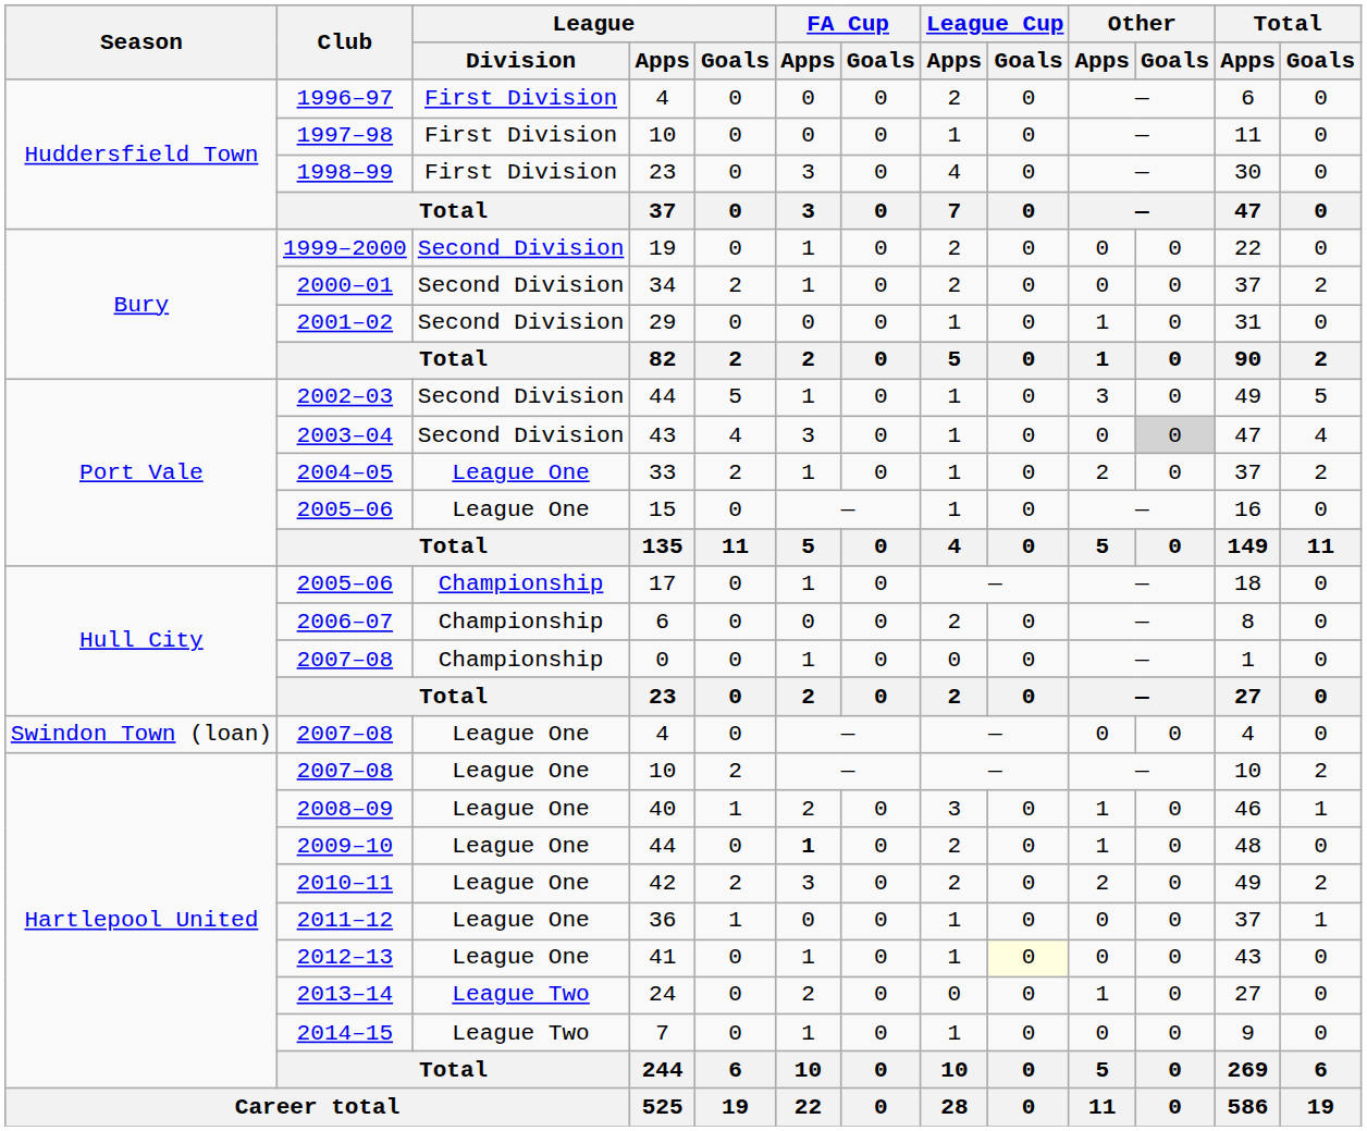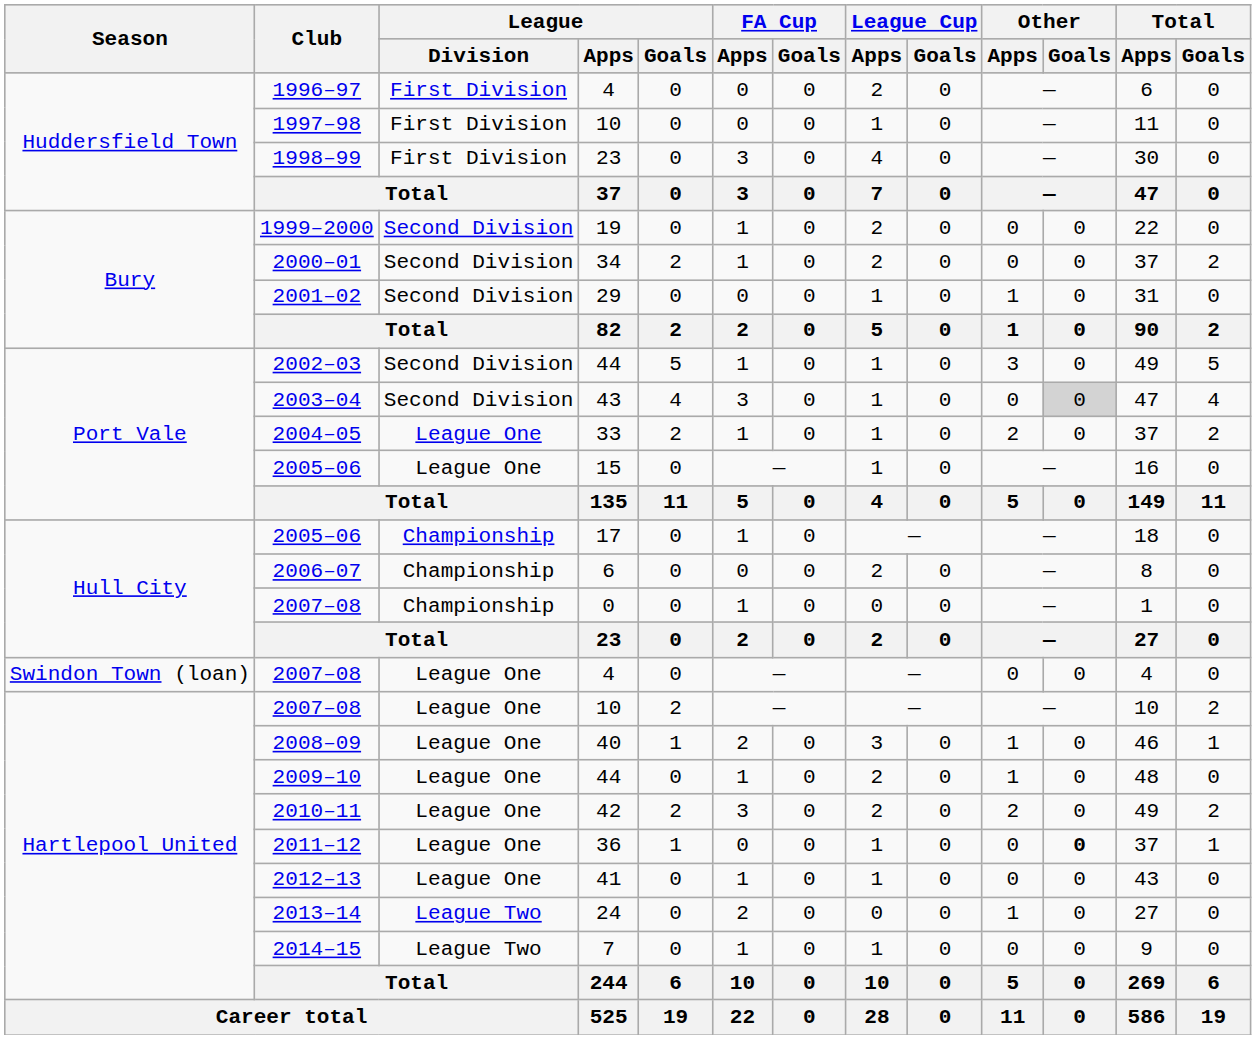 <table class="wikitable" style="text-align: center;">
 <tr>
 <th rowspan=2>Season</th>
 <th rowspan=2>Club</th>
 <th colspan=3>League</th>
 <th colspan=2><a href='#'>FA Cup</a></th>
 <th colspan=2><a href='#'>League Cup</a></th>
 <th colspan=2>Other</th>
 <th colspan=2>Total</th>
 </tr>
 <tr>
 <th>Division</th>
 <th>Apps</th>
 <th>Goals</th>
 <th>Apps</th>
 <th>Goals</th>
 <th>Apps</th>
 <th>Goals</th>
 <th>Apps</th>
 <th>Goals</th>
 <th>Apps</th>
 <th>Goals</th>
 </tr>
 <tr>
 <td rowspan=4><a href='#'>Huddersfield Town</a></td>
 <td><a href='#'>1996–97</a></td>
 <td><a href='#'>First Division</a></td>
 <td>4</td>
 <td>0</td>
 <td>0</td>
 <td>0</td>
 <td>2</td>
 <td>0</td>
 <td colspan=2>—</td>
 <td>6</td>
 <td>0</td>
 </tr>
 <tr>
 <td><a href='#'>1997–98</a></td>
 <td>First Division</td>
 <td>10</td>
 <td>0</td>
 <td>0</td>
 <td>0</td>
 <td>1</td>
 <td>0</td>
 <td colspan=2>—</td>
 <td>11</td>
 <td>0</td>
 </tr>
 <tr>
 <td><a href='#'>1998–99</a></td>
 <td>First Division</td>
 <td>23</td>
 <td>0</td>
 <td>3</td>
 <td>0</td>
 <td>4</td>
 <td>0</td>
 <td colspan=2>—</td>
 <td>30</td>
 <td>0</td>
 </tr>
 <tr>
 <th colspan=2>Total</th>
 <th>37</th>
 <th>0</th>
 <th>3</th>
 <th>0</th>
 <th>7</th>
 <th>0</th>
 <th colspan=2>—</th>
 <th>47</th>
 <th>0</th>
 </tr>
 <tr>
 <td rowspan=4><a href='#'>Bury</a></td>
 <td><a href='#'>1999–2000</a></td>
 <td><a href='#'>Second Division</a></td>
 <td>19</td>
 <td>0</td>
 <td>1</td>
 <td>0</td>
 <td>2</td>
 <td>0</td>
 <td>0</td>
 <td>0</td>
 <td>22</td>
 <td>0</td>
 </tr>
 <tr>
 <td><a href='#'>2000–01</a></td>
 <td>Second Division</td>
 <td>34</td>
 <td>2</td>
 <td>1</td>
 <td>0</td>
 <td>2</td>
 <td>0</td>
 <td>0</td>
 <td>0</td>
 <td>37</td>
 <td>2</td>
 </tr>
 <tr>
 <td><a href='#'>2001–02</a></td>
 <td>Second Division</td>
 <td>29</td>
 <td>0</td>
 <td>0</td>
 <td>0</td>
 <td>1</td>
 <td>0</td>
 <td>1</td>
 <td>0</td>
 <td>31</td>
 <td>0</td>
 </tr>
 <tr>
 <th colspan=2>Total</th>
 <th>82</th>
 <th>2</th>
 <th>2</th>
 <th>0</th>
 <th>5</th>
 <th>0</th>
 <th>1</th>
 <th>0</th>
 <th>90</th>
 <th>2</th>
 </tr>
 <tr>
 <td rowspan=5><a href='#'>Port Vale</a></td>
 <td><a href='#'>2002–03</a></td>
 <td>Second Division</td>
 <td>44</td>
 <td>5</td>
 <td>1</td>
 <td>0</td>
 <td>1</td>
 <td>0</td>
 <td>3</td>
 <td>0</td>
 <td>49</td>
 <td>5</td>
 </tr>
 <tr>
 <td><a href='#'>2003–04</a></td>
 <td>Second Division</td>
 <td>43</td>
 <td>4</td>
 <td>3</td>
 <td>0</td>
 <td>1</td>
 <td>0</td>
 <td>0</td>
 <td style="background: lightgrey;">0</td>
 <td>47</td>
 <td>4</td>
 </tr>
 <tr>
 <td><a href='#'>2004–05</a></td>
 <td><a href='#'>League One</a></td>
 <td>33</td>
 <td>2</td>
 <td>1</td>
 <td>0</td>
 <td>1</td>
 <td>0</td>
 <td>2</td>
 <td>0</td>
 <td>37</td>
 <td>2</td>
 </tr>
 <tr>
 <td><a href='#'>2005–06</a></td>
 <td>League One</td>
 <td>15</td>
 <td>0</td>
 <td colspan=2>—</td>
 <td>1</td>
 <td>0</td>
 <td colspan=2>—</td>
 <td>16</td>
 <td>0</td>
 </tr>
 <tr>
 <th colspan=2>Total</th>
 <th>135</th>
 <th>11</th>
 <th>5</th>
 <th>0</th>
 <th>4</th>
 <th>0</th>
 <th>5</th>
 <th>0</th>
 <th>149</th>
 <th>11</th>
 </tr>
 <tr>
 <td rowspan=4><a href='#'>Hull City</a></td>
 <td><a href='#'>2005–06</a></td>
 <td><a href='#'>Championship</a></td>
 <td>17</td>
 <td>0</td>
 <td>1</td>
 <td>0</td>
 <td colspan=2>—</td>
 <td colspan=2>—</td>
 <td>18</td>
 <td>0</td>
 </tr>
 <tr>
 <td><a href='#'>2006–07</a></td>
 <td>Championship</td>
 <td>6</td>
 <td>0</td>
 <td>0</td>
 <td>0</td>
 <td>2</td>
 <td>0</td>
 <td colspan=2>—</td>
 <td>8</td>
 <td>0</td>
 </tr>
 <tr>
 <td><a href='#'>2007–08</a></td>
 <td>Championship</td>
 <td>0</td>
 <td>0</td>
 <td>1</td>
 <td>0</td>
 <td>0</td>
 <td>0</td>
 <td colspan=2>—</td>
 <td>1</td>
 <td>0</td>
 </tr>
 <tr>
 <th colspan=2>Total</th>
 <th>23</th>
 <th>0</th>
 <th>2</th>
 <th>0</th>
 <th>2</th>
 <th>0</th>
 <th colspan=2>—</th>
 <th>27</th>
 <th>0</th>
 </tr>
 <tr>
 <td><a href='#'>Swindon Town</a> (loan)</td>
 <td><a href='#'>2007–08</a></td>
 <td>League One</td>
 <td>4</td>
 <td>0</td>
 <td colspan=2>—</td>
 <td colspan=2>—</td>
 <td>0</td>
 <td>0</td>
 <td>4</td>
 <td>0</td>
 </tr>
 <tr>
 <td rowspan=9><a href='#'>Hartlepool United</a></td>
 <td><a href='#'>2007–08</a></td>
 <td>League One</td>
 <td>10</td>
 <td>2</td>
 <td colspan=2>—</td>
 <td colspan=2>—</td>
 <td colspan=2>—</td>
 <td>10</td>
 <td>2</td>
 </tr>
 <tr>
 <td><a href='#'>2008–09</a></td>
 <td>League One</td>
 <td>40</td>
 <td>1</td>
 <td>2</td>
 <td>0</td>
 <td>3</td>
 <td>0</td>
 <td>1</td>
 <td>0</td>
 <td>46</td>
 <td>1</td>
 </tr>
 <tr>
 <td><a href='#'>2009–10</a></td>
 <td>League One</td>
 <td>44</td>
 <td>0</td>
-<td><strong>1</strong></td>
+<td>1</td>
 <td>0</td>
 <td>2</td>
 <td>0</td>
 <td>1</td>
 <td>0</td>
 <td>48</td>
 <td>0</td>
 </tr>
 <tr>
 <td><a href='#'>2010–11</a></td>
 <td>League One</td>
 <td>42</td>
 <td>2</td>
 <td>3</td>
 <td>0</td>
 <td>2</td>
 <td>0</td>
 <td>2</td>
 <td>0</td>
 <td>49</td>
 <td>2</td>
 </tr>
 <tr>
 <td><a href='#'>2011–12</a></td>
 <td>League One</td>
 <td>36</td>
 <td>1</td>
 <td>0</td>
 <td>0</td>
 <td>1</td>
 <td>0</td>
 <td>0</td>
-<td>0</td>
+<td><strong>0</strong></td>
 <td>37</td>
 <td>1</td>
 </tr>
 <tr>
 <td><a href='#'>2012–13</a></td>
 <td>League One</td>
 <td>41</td>
 <td>0</td>
 <td>1</td>
 <td>0</td>
 <td>1</td>
-<td style="background: lightyellow;">0</td>
+<td>0</td>
 <td>0</td>
 <td>0</td>
 <td>43</td>
 <td>0</td>
 </tr>
 <tr>
 <td><a href='#'>2013–14</a></td>
 <td><a href='#'>League Two</a></td>
 <td>24</td>
 <td>0</td>
 <td>2</td>
 <td>0</td>
 <td>0</td>
 <td>0</td>
 <td>1</td>
 <td>0</td>
 <td>27</td>
 <td>0</td>
 </tr>
 <tr>
 <td><a href='#'>2014–15</a></td>
 <td>League Two</td>
 <td>7</td>
 <td>0</td>
 <td>1</td>
 <td>0</td>
 <td>1</td>
 <td>0</td>
 <td>0</td>
 <td>0</td>
 <td>9</td>
 <td>0</td>
 </tr>
 <tr>
 <th colspan=2>Total</th>
 <th>244</th>
 <th>6</th>
 <th>10</th>
 <th>0</th>
 <th>10</th>
 <th>0</th>
 <th>5</th>
 <th>0</th>
 <th>269</th>
 <th>6</th>
 </tr>
 <tr>
 <th colspan=3>Career total</th>
 <th>525</th>
 <th>19</th>
 <th>22</th>
 <th>0</th>
 <th>28</th>
 <th>0</th>
 <th>11</th>
 <th>0</th>
 <th>586</th>
 <th>19</th>
 </tr>
 </table>
